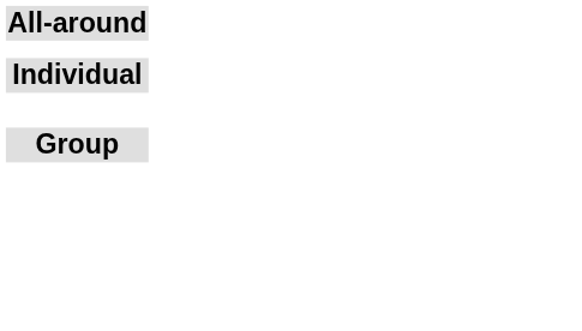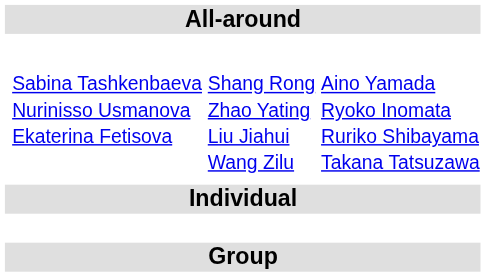 <table>
 <tr bgcolor="DFDFDF">
 <td colspan="4" align="center"><strong>All-around</strong></td>
 </tr>
 <tr>
 <th scope=row style="text-align:left"></th>
 <td></td>
 <td></td>
 <td></td>
+</tr>
+<tr>
+<th scope=row style="text-align:left"></th>
+<td valign="top"><br><small><a href='#'>Sabina Tashkenbaeva</a><br><a href='#'>Nurinisso Usmanova</a><br><a href='#'>Ekaterina Fetisova</a></small></td>
+<td valign="top"><br><small><a href='#'>Shang Rong</a><br><a href='#'>Zhao Yating</a><br><a href='#'>Liu Jiahui</a><br><a href='#'>Wang Zilu</a></small></td>
+<td valign="top"><br><small><a href='#'>Aino Yamada</a><br><a href='#'>Ryoko Inomata</a><br><a href='#'>Ruriko Shibayama</a><br><a href='#'>Takana Tatsuzawa</a></small></td>
 </tr>
 <tr>
 <th scope=row style="text-align:left"></th>
 <td valign="top"></td>
 <td valign="top"></td>
 <td valign="top"></td>
 </tr>
 <tr bgcolor="DFDFDF">
 <td colspan="4" align="center"><strong>Individual</strong></td>
 </tr>
 <tr>
 <th scope=row style="text-align:left"></th>
 <td></td>
 <td></td>
 <td></td>
 </tr>
 <tr>
 <th scope=row style="text-align:left"></th>
 <td></td>
 <td></td>
 <td></td>
 </tr>
 <tr>
 <th scope=row style="text-align:left"></th>
 <td></td>
 <td></td>
 <td></td>
 </tr>
 <tr>
 <th scope=row style="text-align:left"></th>
 <td></td>
 <td></td>
 <td></td>
 </tr>
 <tr>
 </tr>
 <tr bgcolor="DFDFDF">
 <td colspan="4" align="center"><strong>Group</strong></td>
 </tr>
 <tr>
 <th scope=row style="text-align:left"></th>
 <td valign="top"></td>
 <td valign="top"></td>
 <td valign="top"></td>
 </tr>
 <tr>
 <th scope=row style="text-align:left"></th>
 <td valign="top"></td>
 <td valign="top"></td>
 <td valign="top"></td>
 </tr>
 <tr>
 </tr>
 </table>
